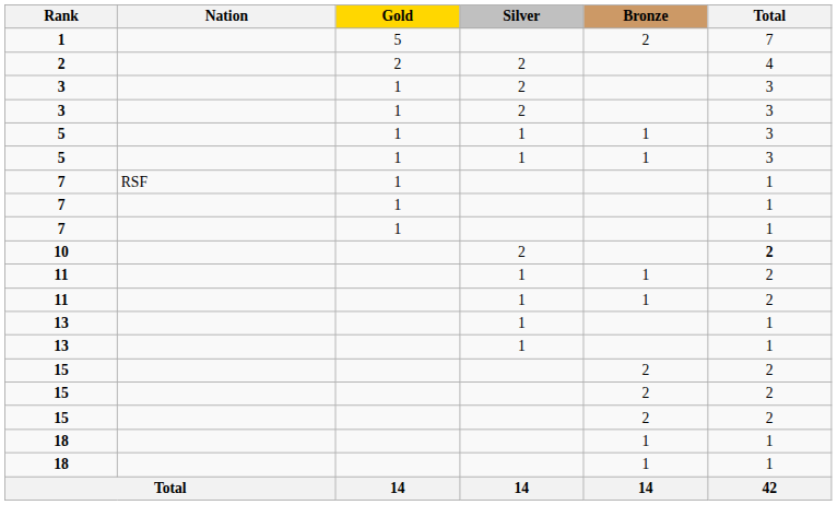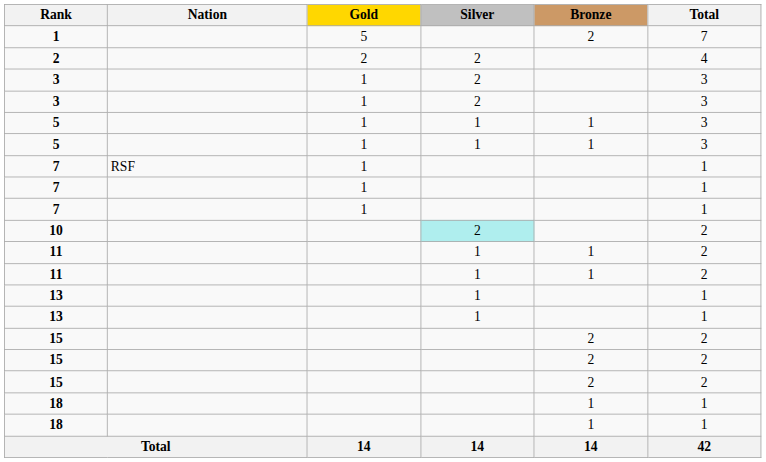 <table class="wikitable collapsible autocollapse plainrowheaders" width=70.5% style="text-align:center;">
 <tr style="background-color:#EDEDED;">
 <th width=100px class="hintergrundfarbe5">Rank</th>
 <th width=200px class="hintergrundfarbe6">Nation</th>
 <th style="background:    gold; width:15%">Gold</th>
 <th style="background:  silver; width:15%">Silver</th>
 <th style="background: #CC9966; width:15%">Bronze</th>
 <th class="hintergrundfarbe6" style="width:15%">Total</th>
 </tr>
 <tr>
 <td><strong>1</strong></td>
 <td align=left></td>
 <td>5</td>
 <td></td>
 <td>2</td>
 <td>7</td>
 </tr>
 <tr>
 <td><strong>2</strong></td>
 <td align=left></td>
 <td>2</td>
 <td>2</td>
 <td></td>
 <td>4</td>
 </tr>
 <tr>
 <td><strong>3</strong></td>
 <td align=left></td>
 <td>1</td>
 <td>2</td>
 <td></td>
 <td>3</td>
 </tr>
 <tr>
 <td><strong>3</strong></td>
 <td align=left></td>
 <td>1</td>
 <td>2</td>
 <td></td>
 <td>3</td>
 </tr>
 <tr>
 <td><strong>5</strong></td>
 <td align=left></td>
 <td>1</td>
 <td>1</td>
 <td>1</td>
 <td>3</td>
 </tr>
 <tr>
 <td><strong>5</strong></td>
 <td align=left></td>
 <td>1</td>
 <td>1</td>
 <td>1</td>
 <td>3</td>
 </tr>
 <tr>
 <td><strong>7</strong></td>
 <td align=left>RSF</td>
 <td>1</td>
 <td></td>
 <td></td>
 <td>1</td>
 </tr>
 <tr>
 <td><strong>7</strong></td>
 <td align=left></td>
 <td>1</td>
 <td></td>
 <td></td>
 <td>1</td>
 </tr>
 <tr>
 <td><strong>7</strong></td>
 <td align=left></td>
 <td>1</td>
 <td></td>
 <td></td>
 <td>1</td>
 </tr>
 <tr>
 <td><strong>10</strong></td>
 <td align=left></td>
 <td></td>
+<td style="background: paleturquoise;">2</td>
+<td></td>
 <td>2</td>
-<td></td>
-<td><strong>2</strong></td>
 </tr>
 <tr>
 <td><strong>11</strong></td>
 <td align=left></td>
 <td></td>
 <td>1</td>
 <td>1</td>
 <td>2</td>
 </tr>
 <tr>
 <td><strong>11</strong></td>
 <td align=left></td>
 <td></td>
 <td>1</td>
 <td>1</td>
 <td>2</td>
 </tr>
 <tr>
 <td><strong>13</strong></td>
 <td align=left></td>
 <td></td>
 <td>1</td>
 <td></td>
 <td>1</td>
 </tr>
 <tr>
 <td><strong>13</strong></td>
 <td align=left></td>
 <td></td>
 <td>1</td>
 <td></td>
 <td>1</td>
 </tr>
 <tr>
 <td><strong>15</strong></td>
 <td align=left></td>
 <td></td>
 <td></td>
 <td>2</td>
 <td>2</td>
 </tr>
 <tr>
 <td><strong>15</strong></td>
 <td align=left></td>
 <td></td>
 <td></td>
 <td>2</td>
 <td>2</td>
 </tr>
 <tr>
 <td><strong>15</strong></td>
 <td align=left></td>
 <td></td>
 <td></td>
 <td>2</td>
 <td>2</td>
 </tr>
 <tr>
 <td><strong>18</strong></td>
 <td align=left></td>
 <td></td>
 <td></td>
 <td>1</td>
 <td>1</td>
 </tr>
 <tr>
 <td><strong>18</strong></td>
 <td align=left></td>
 <td></td>
 <td></td>
 <td>1</td>
 <td>1</td>
 </tr>
 <tr>
 <th colspan=2>Total</th>
 <th>14</th>
 <th>14</th>
 <th>14</th>
 <th>42</th>
 </tr>
 </table>
